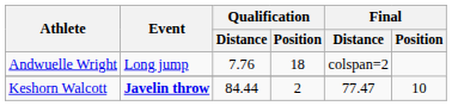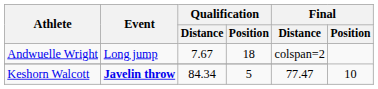 <table class=wikitable style=font-size:90%>
 <tr>
 <th rowspan=2>Athlete</th>
 <th rowspan=2>Event</th>
 <th colspan=2>Qualification</th>
 <th colspan=2>Final</th>
 </tr>
 <tr style=font-size:95%>
 <th>Distance</th>
 <th>Position</th>
 <th>Distance</th>
 <th>Position</th>
 </tr>
 <tr align=center>
 <td align=left><a href='#'>Andwuelle Wright</a></td>
 <td align=left><a href='#'>Long jump</a></td>
-<td>7.76</td>
+<td>7.67</td>
 <td>18</td>
 <td>colspan=2 </td>
 </tr>
 <tr>
 </tr>
 <tr align=center>
 <td align=left><a href='#'>Keshorn Walcott</a></td>
 <td align=left><strong><a href='#'>Javelin throw</a></strong></td>
-<td>84.44</td>
-<td>2</td>
+<td>84.34</td>
+<td>5</td>
 <td>77.47</td>
 <td>10</td>
 </tr>
 </table>
